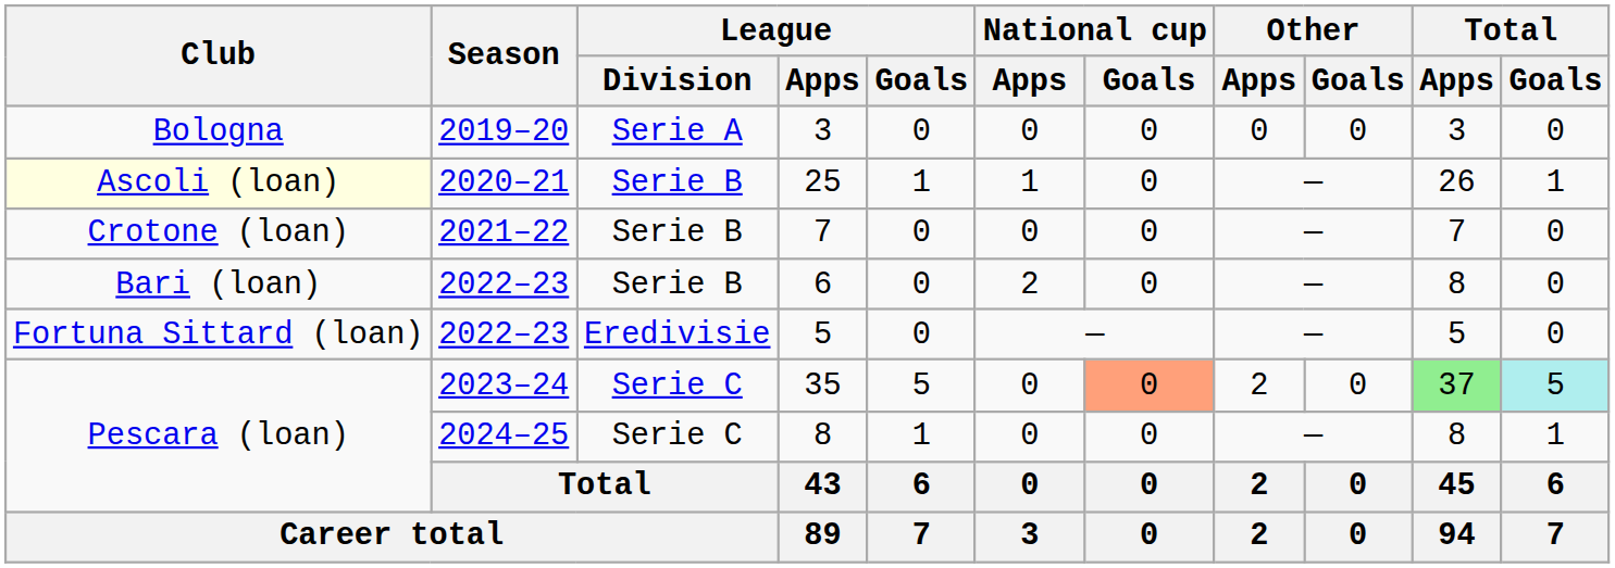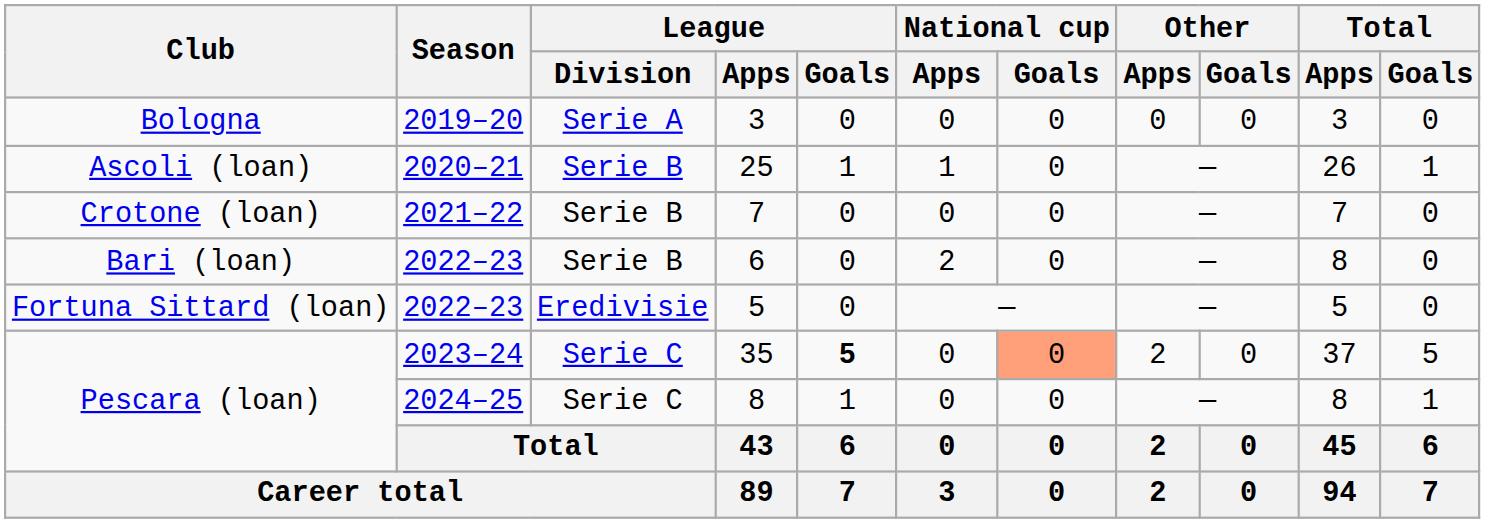 <table class="wikitable" style="text-align:center">
 <tr>
 <th rowspan="2">Club</th>
 <th rowspan="2">Season</th>
 <th colspan="3">League</th>
 <th colspan="2">National cup</th>
 <th colspan="2">Other</th>
 <th colspan="2">Total</th>
 </tr>
 <tr>
 <th>Division</th>
 <th>Apps</th>
 <th>Goals</th>
 <th>Apps</th>
 <th>Goals</th>
 <th>Apps</th>
 <th>Goals</th>
 <th>Apps</th>
 <th>Goals</th>
 </tr>
 <tr>
 <td><a href='#'>Bologna</a></td>
 <td><a href='#'>2019–20</a></td>
 <td><a href='#'>Serie A</a></td>
 <td>3</td>
 <td>0</td>
 <td>0</td>
 <td>0</td>
 <td>0</td>
 <td>0</td>
 <td>3</td>
 <td>0</td>
 </tr>
 <tr>
-<td style="background: lightyellow;"><a href='#'>Ascoli</a> (loan)</td>
+<td><a href='#'>Ascoli</a> (loan)</td>
 <td><a href='#'>2020–21</a></td>
 <td><a href='#'>Serie B</a></td>
 <td>25</td>
 <td>1</td>
 <td>1</td>
 <td>0</td>
 <td colspan="2">—</td>
 <td>26</td>
 <td>1</td>
 </tr>
 <tr>
 <td><a href='#'>Crotone</a> (loan)</td>
 <td><a href='#'>2021–22</a></td>
 <td>Serie B</td>
 <td>7</td>
 <td>0</td>
 <td>0</td>
 <td>0</td>
 <td colspan="2">—</td>
 <td>7</td>
 <td>0</td>
 </tr>
 <tr>
 <td><a href='#'>Bari</a> (loan)</td>
 <td><a href='#'>2022–23</a></td>
 <td>Serie B</td>
 <td>6</td>
 <td>0</td>
 <td>2</td>
 <td>0</td>
 <td colspan="2">—</td>
 <td>8</td>
 <td>0</td>
 </tr>
 <tr>
 <td><a href='#'>Fortuna Sittard</a> (loan)</td>
 <td><a href='#'>2022–23</a></td>
 <td><a href='#'>Eredivisie</a></td>
 <td>5</td>
 <td>0</td>
 <td colspan="2">—</td>
 <td colspan="2">—</td>
 <td>5</td>
 <td>0</td>
 </tr>
 <tr>
 <td rowspan="3"><a href='#'>Pescara</a> (loan)</td>
 <td><a href='#'>2023–24</a></td>
 <td><a href='#'>Serie C</a></td>
 <td>35</td>
-<td>5</td>
+<td><strong>5</strong></td>
 <td>0</td>
 <td style="background: lightsalmon;">0</td>
 <td>2</td>
 <td>0</td>
-<td style="background: lightgreen;">37</td>
-<td style="background: paleturquoise;">5</td>
+<td>37</td>
+<td>5</td>
 </tr>
 <tr>
 <td><a href='#'>2024–25</a></td>
 <td>Serie C</td>
 <td>8</td>
 <td>1</td>
 <td>0</td>
 <td>0</td>
 <td colspan="2">—</td>
 <td>8</td>
 <td>1</td>
 </tr>
 <tr>
 <th colspan="2">Total</th>
 <th>43</th>
 <th>6</th>
 <th>0</th>
 <th>0</th>
 <th>2</th>
 <th>0</th>
 <th>45</th>
 <th>6</th>
 </tr>
 <tr>
 <th colspan="3">Career total</th>
 <th>89</th>
 <th>7</th>
 <th>3</th>
 <th>0</th>
 <th>2</th>
 <th>0</th>
 <th>94</th>
 <th>7</th>
 </tr>
 </table>
